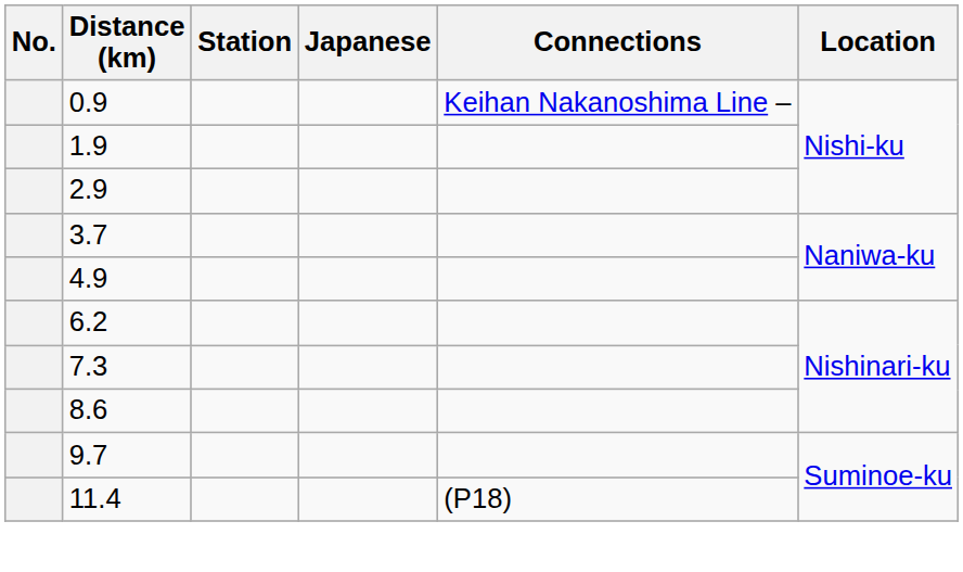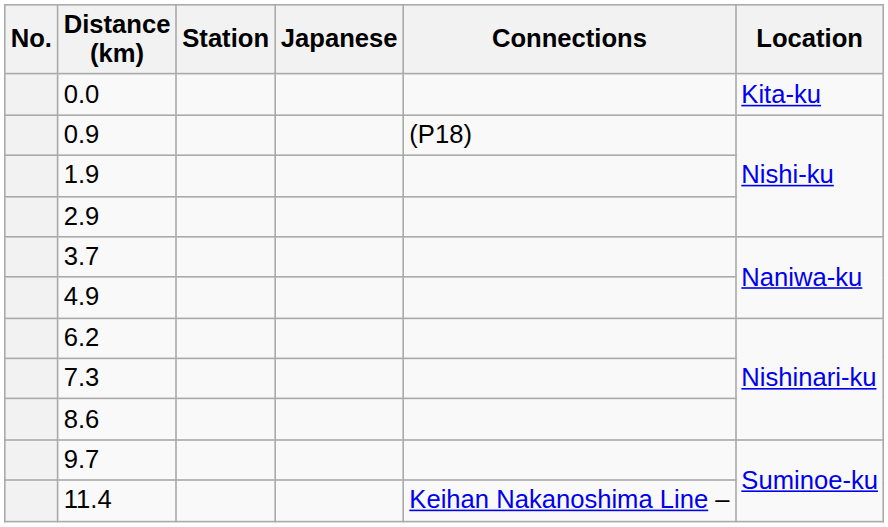 <table class="wikitable">
 <tr style="border-bottom:solid 3px #">
 <th>No.</th>
 <th>Distance<br> (km)</th>
 <th>Station</th>
 <th>Japanese</th>
 <th>Connections</th>
 <th>Location</th>
 </tr>
 <tr>
 <th></th>
+<td>0.0</td>
+<td></td>
+<td></td>
+<td></td>
+<td><a href='#'>Kita-ku</a></td>
+</tr>
+<tr>
+<th></th>
 <td>0.9</td>
 <td></td>
 <td></td>
-<td> <a href='#'>Keihan Nakanoshima Line</a> – </td>
+<td> (P18)</td>
 <td rowspan="3"><a href='#'>Nishi-ku</a></td>
 </tr>
 <tr>
 <th></th>
 <td>1.9</td>
 <td></td>
 <td></td>
 <td></td>
 </tr>
 <tr>
 <th></th>
 <td>2.9</td>
 <td></td>
 <td></td>
 <td></td>
 </tr>
 <tr>
 <th></th>
 <td>3.7</td>
 <td></td>
 <td></td>
 <td></td>
 <td rowspan="2"><a href='#'>Naniwa-ku</a></td>
 </tr>
 <tr>
 <th></th>
 <td>4.9</td>
 <td></td>
 <td></td>
 <td></td>
 </tr>
 <tr>
 <th></th>
 <td>6.2</td>
 <td></td>
 <td></td>
 <td> </td>
 <td rowspan="3"><a href='#'>Nishinari-ku</a></td>
 </tr>
 <tr>
 <th></th>
 <td>7.3</td>
 <td></td>
 <td></td>
 <td> </td>
 </tr>
 <tr>
 <th></th>
 <td>8.6</td>
 <td></td>
 <td></td>
 <td> </td>
 </tr>
 <tr>
 <th></th>
 <td>9.7</td>
 <td></td>
 <td></td>
 <td> </td>
 <td rowspan="2"><a href='#'>Suminoe-ku</a></td>
 </tr>
 <tr>
 <th></th>
 <td>11.4</td>
 <td></td>
 <td></td>
-<td> (P18)</td>
+<td> <a href='#'>Keihan Nakanoshima Line</a> – </td>
 </tr>
 </table>
